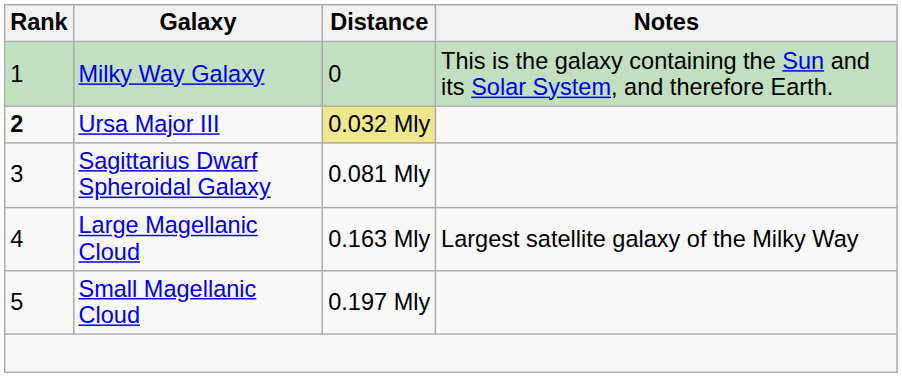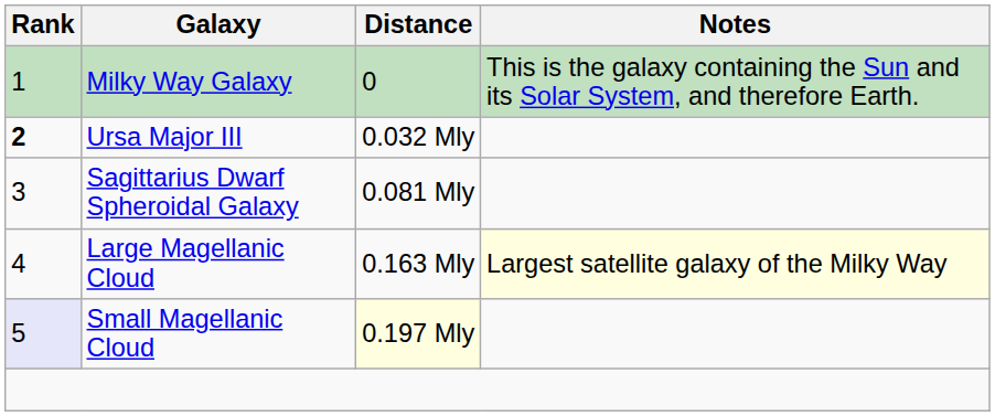 <table class="wikitable">
 <tr>
 <th>Rank</th>
 <th>Galaxy</th>
 <th>Distance</th>
 <th>Notes</th>
 </tr>
 <tr style="background:#c0e0c0;">
 <td>1</td>
 <td><a href='#'>Milky Way Galaxy</a></td>
 <td>0</td>
 <td>This is the galaxy containing the <a href='#'>Sun</a> and its <a href='#'>Solar System</a>, and therefore Earth.</td>
 </tr>
 <tr>
 <td><strong>2</strong></td>
 <td><a href='#'>Ursa Major III</a></td>
-<td style="background: khaki;">0.032 Mly</td>
+<td>0.032 Mly</td>
 <td></td>
 </tr>
 <tr>
 <td>3</td>
 <td><a href='#'>Sagittarius Dwarf Spheroidal Galaxy</a></td>
 <td>0.081 Mly</td>
 <td></td>
 </tr>
 <tr>
 <td>4</td>
 <td><a href='#'>Large Magellanic Cloud</a></td>
 <td>0.163 Mly</td>
-<td>Largest satellite galaxy of the Milky Way</td>
+<td style="background: lightyellow;">Largest satellite galaxy of the Milky Way</td>
 </tr>
 <tr>
-<td>5</td>
+<td style="background: lavender;">5</td>
 <td><a href='#'>Small Magellanic Cloud</a></td>
-<td>0.197 Mly</td>
+<td style="background: lightyellow;">0.197 Mly</td>
 <td></td>
 </tr>
 <tr>
 <td colspan=4><br></td>
 </tr>
 </table>
